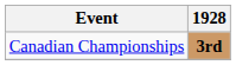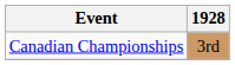 <table class="wikitable">
 <tr>
 <th>Event</th>
 <th>1928</th>
 </tr>
 <tr>
 <td><a href='#'>Canadian Championships</a></td>
-<td align="center" bgcolor="cc9966"><strong>3rd</strong></td>
+<td align="center" bgcolor="cc9966">3rd</td>
 </tr>
 <tr>
 </tr>
 </table>
